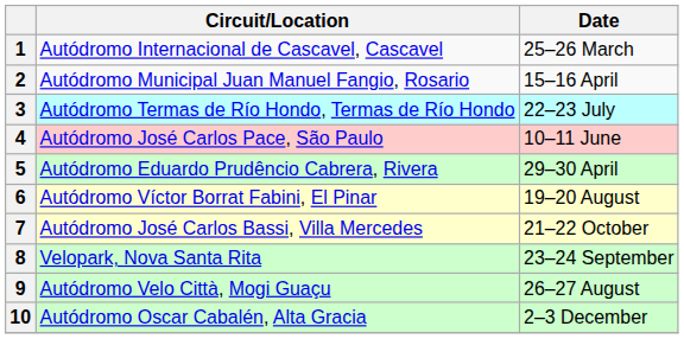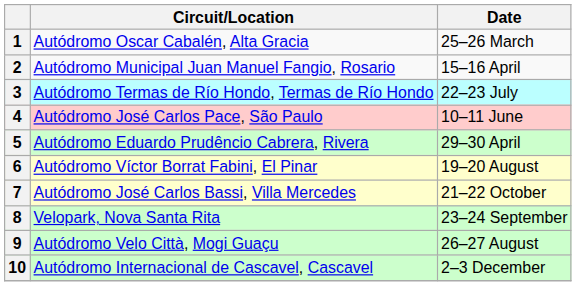 <table class="wikitable" style="font-size: 85%">
 <tr>
 <th></th>
 <th>Circuit/Location</th>
 <th>Date</th>
 </tr>
 <tr>
 <th>1</th>
-<td> <a href='#'>Autódromo Internacional de Cascavel</a>, <a href='#'>Cascavel</a></td>
+<td> <a href='#'>Autódromo Oscar Cabalén</a>, <a href='#'>Alta Gracia</a></td>
 <td>25–26 March</td>
 </tr>
 <tr>
 <th>2</th>
 <td> <a href='#'>Autódromo Municipal Juan Manuel Fangio</a>, <a href='#'>Rosario</a></td>
 <td>15–16 April</td>
 </tr>
 <tr style="background:#bbffff;">
 <th>3</th>
 <td> <a href='#'>Autódromo Termas de Río Hondo</a>, <a href='#'>Termas de Río Hondo</a></td>
 <td>22–23 July</td>
 </tr>
 <tr style="background:#ffcccc;">
 <th>4</th>
 <td> <a href='#'>Autódromo José Carlos Pace</a>, <a href='#'>São Paulo</a></td>
 <td>10–11 June</td>
 </tr>
 <tr style="background:#ccffcc;">
 <th>5</th>
 <td> <a href='#'>Autódromo Eduardo Prudêncio Cabrera</a>, <a href='#'>Rivera</a></td>
 <td>29–30 April</td>
 </tr>
 <tr style="background:#ffffcc;">
 <th>6</th>
 <td> <a href='#'>Autódromo Víctor Borrat Fabini</a>, <a href='#'>El Pinar</a></td>
 <td>19–20 August</td>
 </tr>
 <tr style="background:#ffffcc;">
 <th>7</th>
 <td> <a href='#'>Autódromo José Carlos Bassi</a>, <a href='#'>Villa Mercedes</a></td>
 <td>21–22 October</td>
 </tr>
 <tr style="background:#ccffcc;">
 <th>8</th>
 <td> <a href='#'>Velopark, Nova Santa Rita</a></td>
 <td>23–24 September</td>
 </tr>
 <tr style="background:#ccffcc;">
 <th>9</th>
 <td> <a href='#'>Autódromo Velo Città</a>, <a href='#'>Mogi Guaçu</a></td>
 <td>26–27 August</td>
 </tr>
 <tr style="background:#ccffcc;">
 <th>10</th>
-<td> <a href='#'>Autódromo Oscar Cabalén</a>, <a href='#'>Alta Gracia</a></td>
+<td> <a href='#'>Autódromo Internacional de Cascavel</a>, <a href='#'>Cascavel</a></td>
 <td>2–3 December</td>
 </tr>
 <tr>
 </tr>
 </table>
